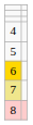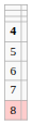 <table class="wikitable">
 <tr>
 <td align=center  width=15></td>
 <td></td>
 </tr>
 <tr>
 <td align=center></td>
 <td></td>
 </tr>
 <tr>
 <td align=center></td>
 <td></td>
 </tr>
 <tr>
-<td align=center>4</td>
+<td align=center><strong>4</strong></td>
 <td></td>
 </tr>
 <tr>
 <td align=center>5</td>
 <td></td>
 </tr>
 <tr>
-<td align=center style="background: gold;">6</td>
+<td align=center>6</td>
 <td></td>
 </tr>
 <tr>
-<td align=center style="background: khaki;">7</td>
+<td align=center>7</td>
 <td></td>
 </tr>
 <tr>
 <td bgcolor="#ffcccc" align=center>8</td>
 <td bgcolor="#ffcccc"></td>
 </tr>
 </table>
